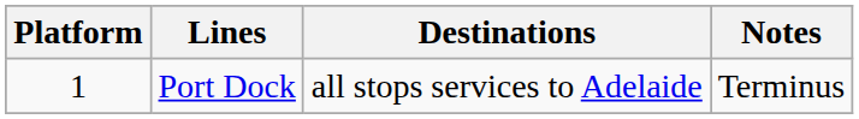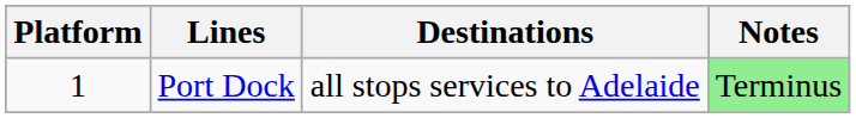 <table class="wikitable" style="float: none; margin: 0.5em; ">
 <tr>
 <th>Platform</th>
 <th>Lines</th>
 <th>Destinations</th>
 <th>Notes</th>
 </tr>
 <tr>
 <td rowspan="1" style="text-align:center;">1</td>
 <td style=background:#><a href='#'><span>Port Dock</span></a></td>
 <td>all stops services to <a href='#'>Adelaide</a></td>
-<td>Terminus</td>
+<td style="background: lightgreen;">Terminus</td>
 </tr>
 </table>
